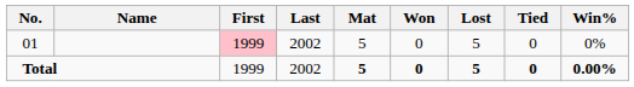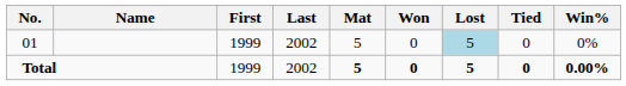 <table class="wikitable sortable" style="margin: 1em auto 1em auto">
 <tr>
 <th width="40">No.</th>
 <th width="160">Name</th>
 <th width="50">First</th>
 <th width="50">Last</th>
 <th width="50">Mat</th>
 <th width="50">Won</th>
 <th width="50">Lost</th>
 <th width="50">Tied</th>
 <th width="60">Win%</th>
 </tr>
 <tr align=center>
 <td><span>0</span>1</td>
 <td align=left></td>
-<td style="background: pink;">1999</td>
+<td>1999</td>
 <td>2002</td>
 <td>5</td>
 <td>0</td>
-<td>5</td>
+<td style="background: lightblue;">5</td>
 <td>0</td>
 <td>0%</td>
 </tr>
 <tr class="sortbottom" align=center>
 <td colspan=2 align=left><strong>   Total</strong></td>
 <td>1999</td>
 <td>2002</td>
 <td><strong>5</strong></td>
 <td><strong>0</strong></td>
 <td><strong>5</strong></td>
 <td><strong>0</strong></td>
 <td><strong>0.00%</strong></td>
 </tr>
 </table>
